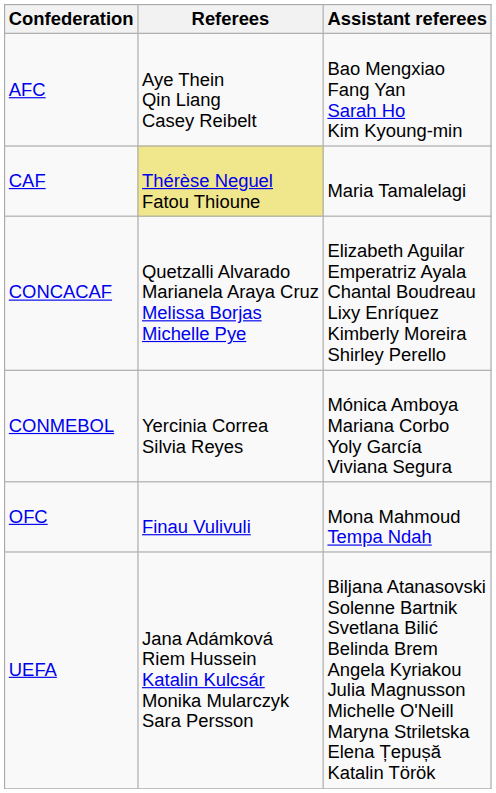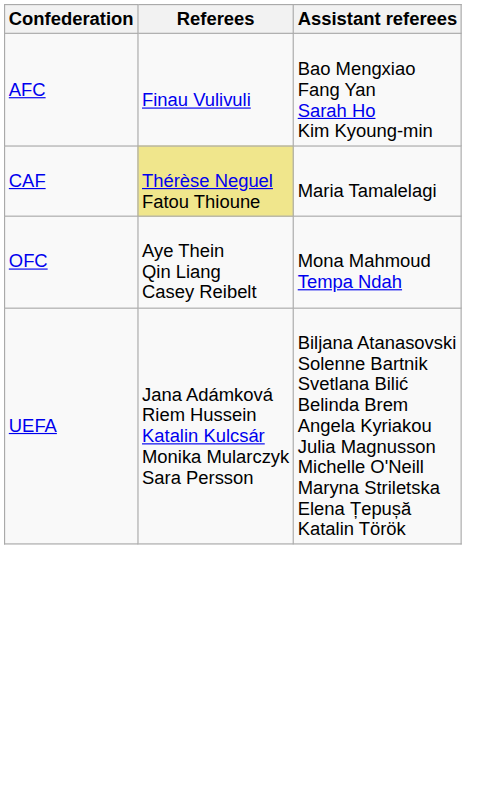 <table class="wikitable">
 <tr>
 <th>Confederation</th>
 <th>Referees</th>
 <th>Assistant referees</th>
 </tr>
 <tr>
 <td><a href='#'>AFC</a></td>
-<td><br> Aye Thein<br>  Qin Liang<br>  Casey Reibelt</td>
+<td><br> <a href='#'>Finau Vulivuli</a></td>
 <td><br> Bao Mengxiao<br>  Fang Yan<br>  <a href='#'>Sarah Ho</a><br>  Kim Kyoung-min</td>
 </tr>
 <tr>
 <td><a href='#'>CAF</a></td>
 <td style="background: khaki;"><br> <a href='#'>Thérèse Neguel</a><br>  Fatou Thioune</td>
 <td><br> Maria Tamalelagi</td>
 </tr>
 <tr>
-<td><a href='#'>CONCACAF</a></td>
-<td><br> Quetzalli Alvarado<br>  Marianela Araya Cruz<br>  <a href='#'>Melissa Borjas</a><br>  <a href='#'>Michelle Pye</a></td>
-<td><br> Elizabeth Aguilar<br>  Emperatriz Ayala<br>  Chantal Boudreau<br>  Lixy Enríquez<br>  Kimberly Moreira<br>  Shirley Perello</td>
-</tr>
-<tr>
-<td><a href='#'>CONMEBOL</a></td>
-<td><br> Yercinia Correa<br>  Silvia Reyes</td>
-<td><br> Mónica Amboya<br>  Mariana Corbo<br>  Yoly García<br>  Viviana Segura</td>
-</tr>
-<tr>
 <td><a href='#'>OFC</a></td>
-<td><br> <a href='#'>Finau Vulivuli</a></td>
+<td><br> Aye Thein<br>  Qin Liang<br>  Casey Reibelt</td>
 <td><br> Mona Mahmoud<br>  <a href='#'>Tempa Ndah</a></td>
 </tr>
 <tr>
 <td><a href='#'>UEFA</a></td>
 <td><br> Jana Adámková<br>  Riem Hussein<br>  <a href='#'>Katalin Kulcsár</a><br>  Monika Mularczyk<br>  Sara Persson</td>
 <td><br> Biljana Atanasovski<br>  Solenne Bartnik<br>  Svetlana Bilić<br>  Belinda Brem<br>  Angela Kyriakou<br>  Julia Magnusson<br>  Michelle O'Neill<br>  Maryna Striletska<br>  Elena Țepușă<br>  Katalin Török</td>
 </tr>
 </table>
